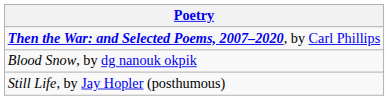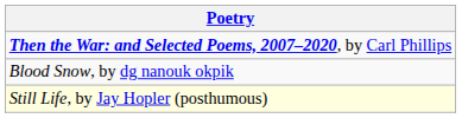 <table class="wikitable" style="float:left; float:none;">
 <tr>
 <th><a href='#'>Poetry</a></th>
 </tr>
 <tr>
 <td><strong><em><a href='#'>Then the War: and Selected Poems, 2007–2020</a></em></strong>, by <a href='#'>Carl Phillips</a></td>
 </tr>
 <tr>
 <td><em>Blood Snow</em>, by <a href='#'>dg nanouk okpik</a></td>
 </tr>
 <tr>
-<td><em>Still Life</em>, by <a href='#'>Jay Hopler</a> (posthumous)</td>
+<td style="background: lightyellow;"><em>Still Life</em>, by <a href='#'>Jay Hopler</a> (posthumous)</td>
 </tr>
 </table>
